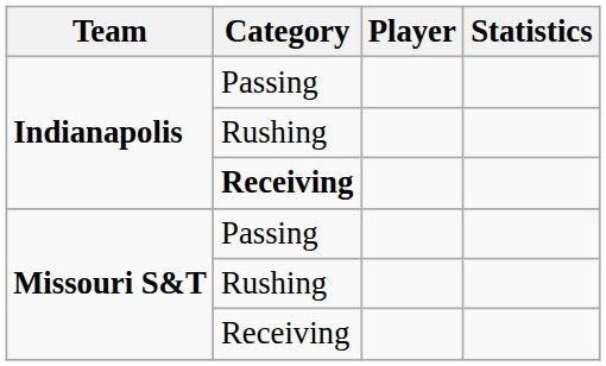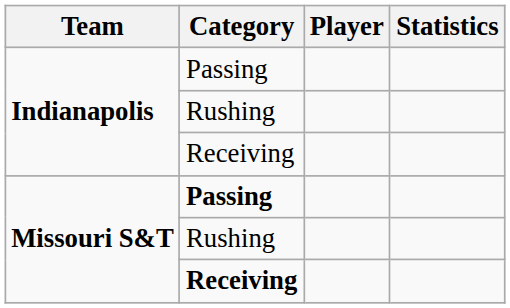 <table class="wikitable" style="float: right;">
 <tr>
 <th>Team</th>
 <th>Category</th>
 <th>Player</th>
 <th>Statistics</th>
 </tr>
 <tr>
 <td rowspan=3><strong>Indianapolis</strong></td>
 <td>Passing</td>
 <td></td>
 <td></td>
 </tr>
 <tr>
 <td>Rushing</td>
 <td></td>
 <td></td>
 </tr>
 <tr>
-<td><strong>Receiving</strong></td>
+<td>Receiving</td>
 <td></td>
 <td></td>
 </tr>
 <tr>
 <td rowspan=3><strong>Missouri S&T</strong></td>
-<td>Passing</td>
+<td><strong>Passing</strong></td>
 <td></td>
 <td></td>
 </tr>
 <tr>
 <td>Rushing</td>
 <td></td>
 <td></td>
 </tr>
 <tr>
-<td>Receiving</td>
+<td><strong>Receiving</strong></td>
 <td></td>
 <td></td>
 </tr>
 </table>
